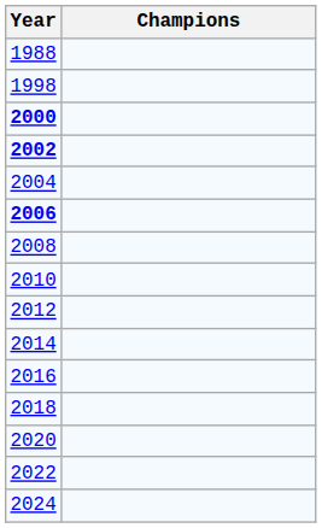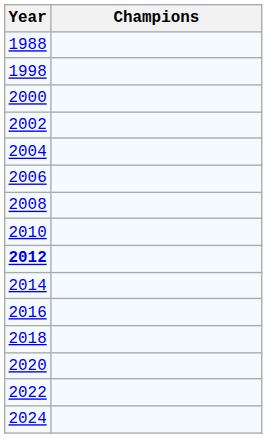 <table class="wikitable floatright" style="background:#F5FAFF; text-align:center; font-size:90%;">
 <tr>
 <th>Year</th>
 <th style="width:150px">Champions</th>
 </tr>
 <tr>
 <td><a href='#'>1988</a></td>
 <td style="text-align:left"></td>
 </tr>
 <tr>
 <td><a href='#'>1998</a></td>
 <td style="text-align:left"></td>
 </tr>
 <tr>
-<td><strong><a href='#'>2000</a></strong></td>
+<td><a href='#'>2000</a></td>
 <td style="text-align:left"></td>
 </tr>
 <tr>
-<td><strong><a href='#'>2002</a></strong></td>
+<td><a href='#'>2002</a></td>
 <td style="text-align:left"> </td>
 </tr>
 <tr>
 <td><a href='#'>2004</a></td>
 <td style="text-align:left"></td>
 </tr>
 <tr>
-<td><strong><a href='#'>2006</a></strong></td>
+<td><a href='#'>2006</a></td>
 <td style="text-align:left"> </td>
 </tr>
 <tr>
 <td><a href='#'>2008</a></td>
 <td style="text-align:left"> </td>
 </tr>
 <tr>
 <td><a href='#'>2010</a></td>
 <td style="text-align:left"> </td>
 </tr>
 <tr>
-<td><a href='#'>2012</a></td>
+<td><strong><a href='#'>2012</a></strong></td>
 <td style="text-align:left"> </td>
 </tr>
 <tr>
 <td><a href='#'>2014</a></td>
 <td style="text-align:left"></td>
 </tr>
 <tr>
 <td><a href='#'>2016</a></td>
 <td style="text-align:left"></td>
 </tr>
 <tr>
 <td><a href='#'>2018</a></td>
 <td style="text-align:left"> </td>
 </tr>
 <tr>
 <td><a href='#'>2020</a></td>
 <td style="text-align:left"></td>
 </tr>
 <tr>
 <td><a href='#'>2022</a></td>
 <td style="text-align:left"> </td>
 </tr>
 <tr>
 <td><a href='#'>2024</a></td>
 <td style="text-align:left"> </td>
 </tr>
 </table>
